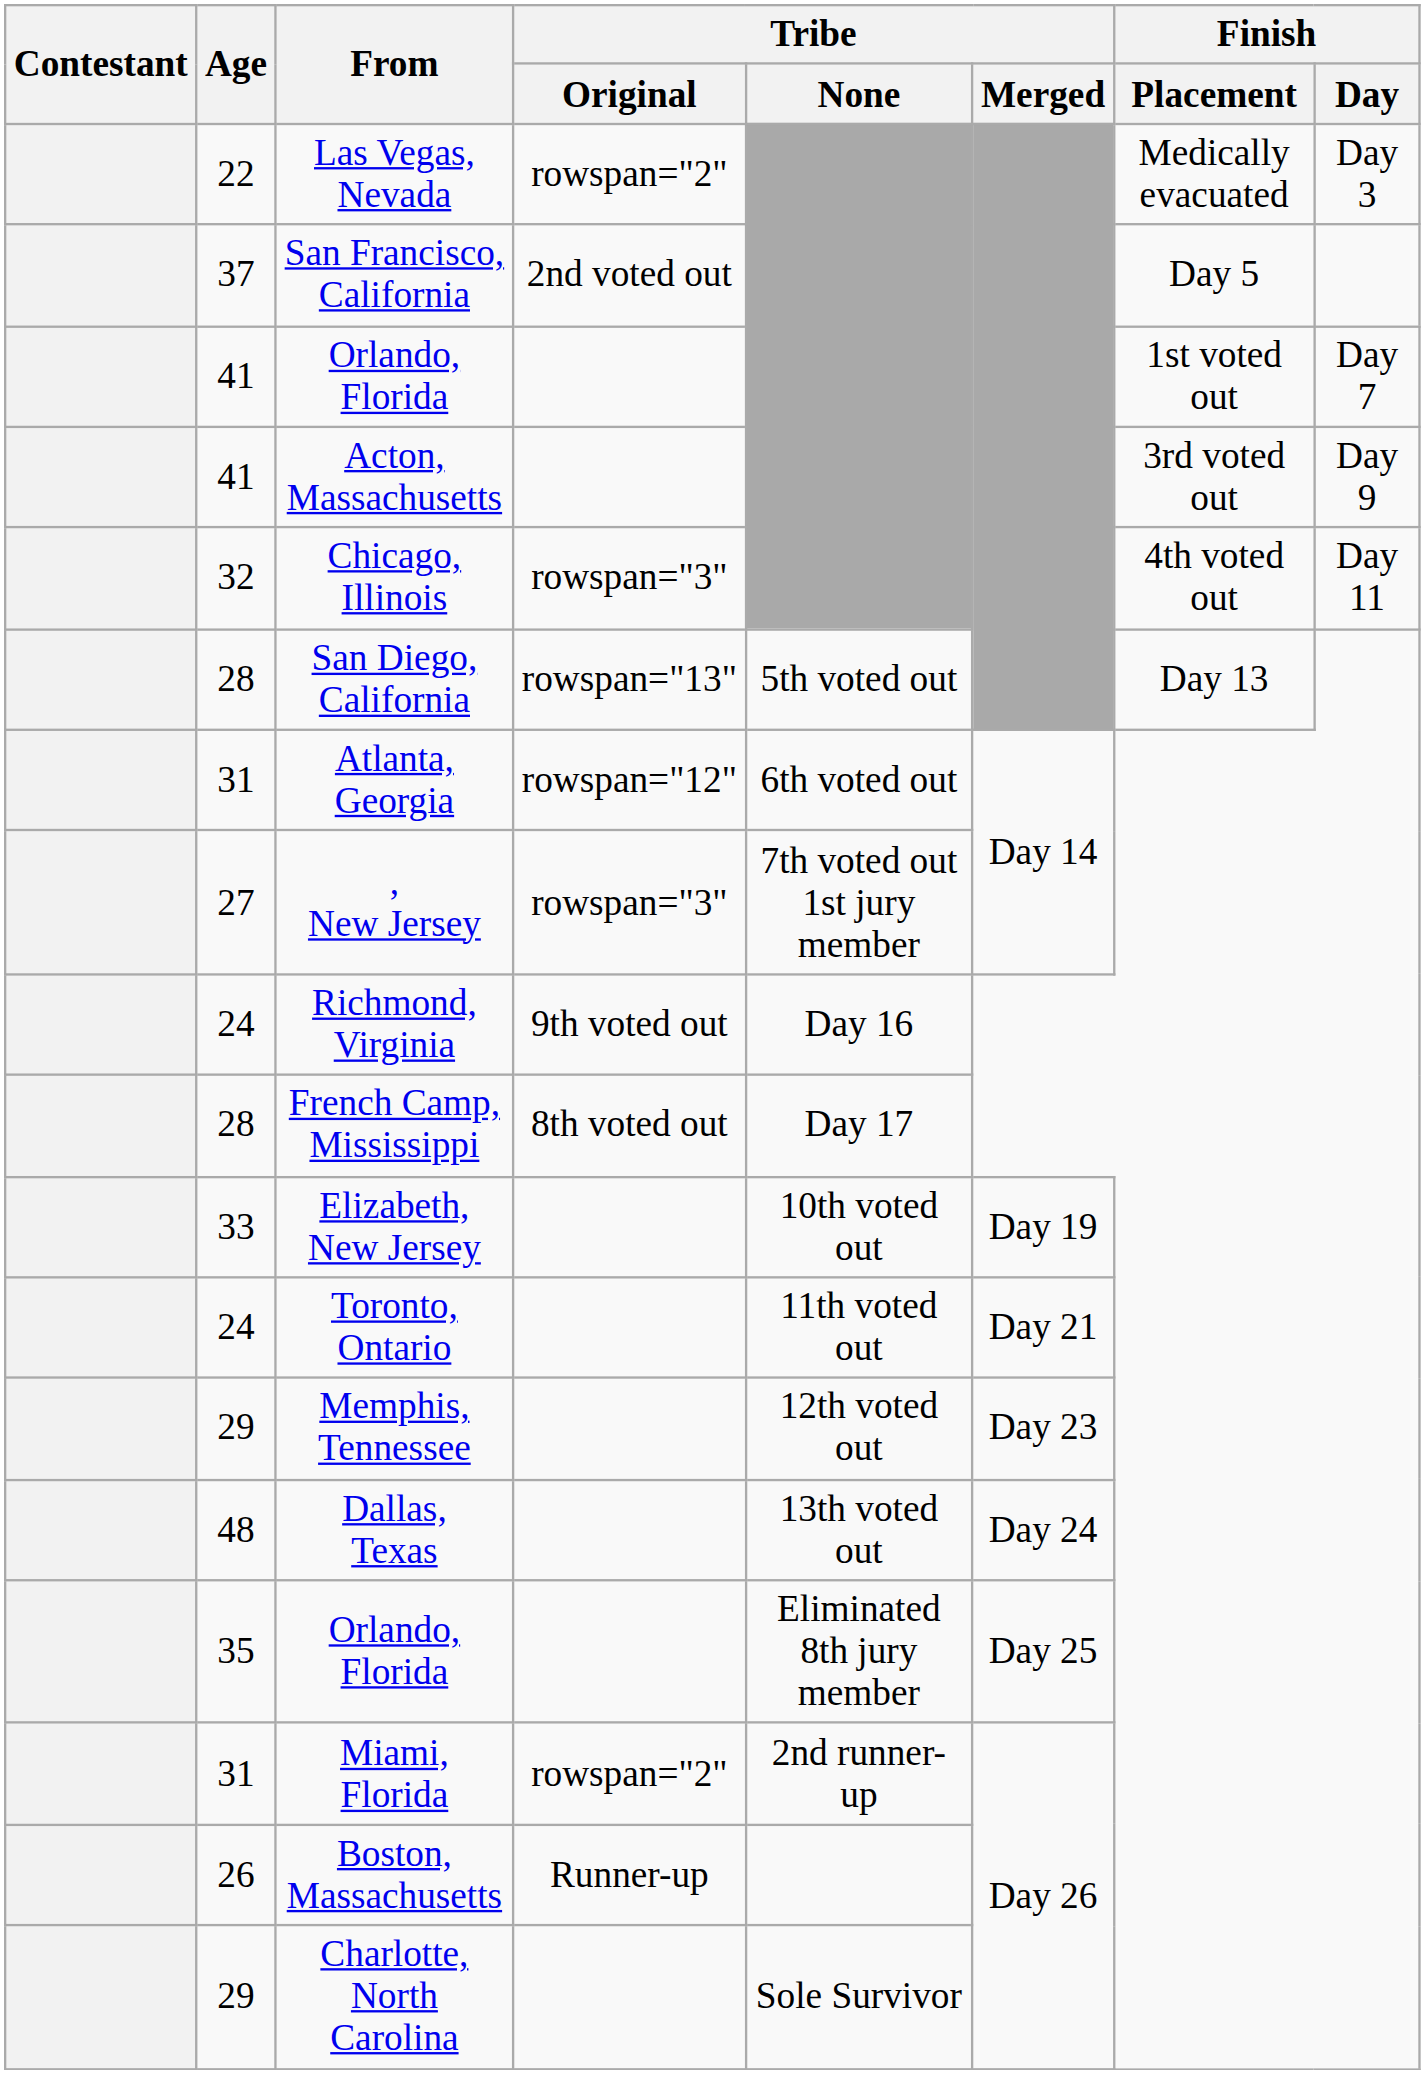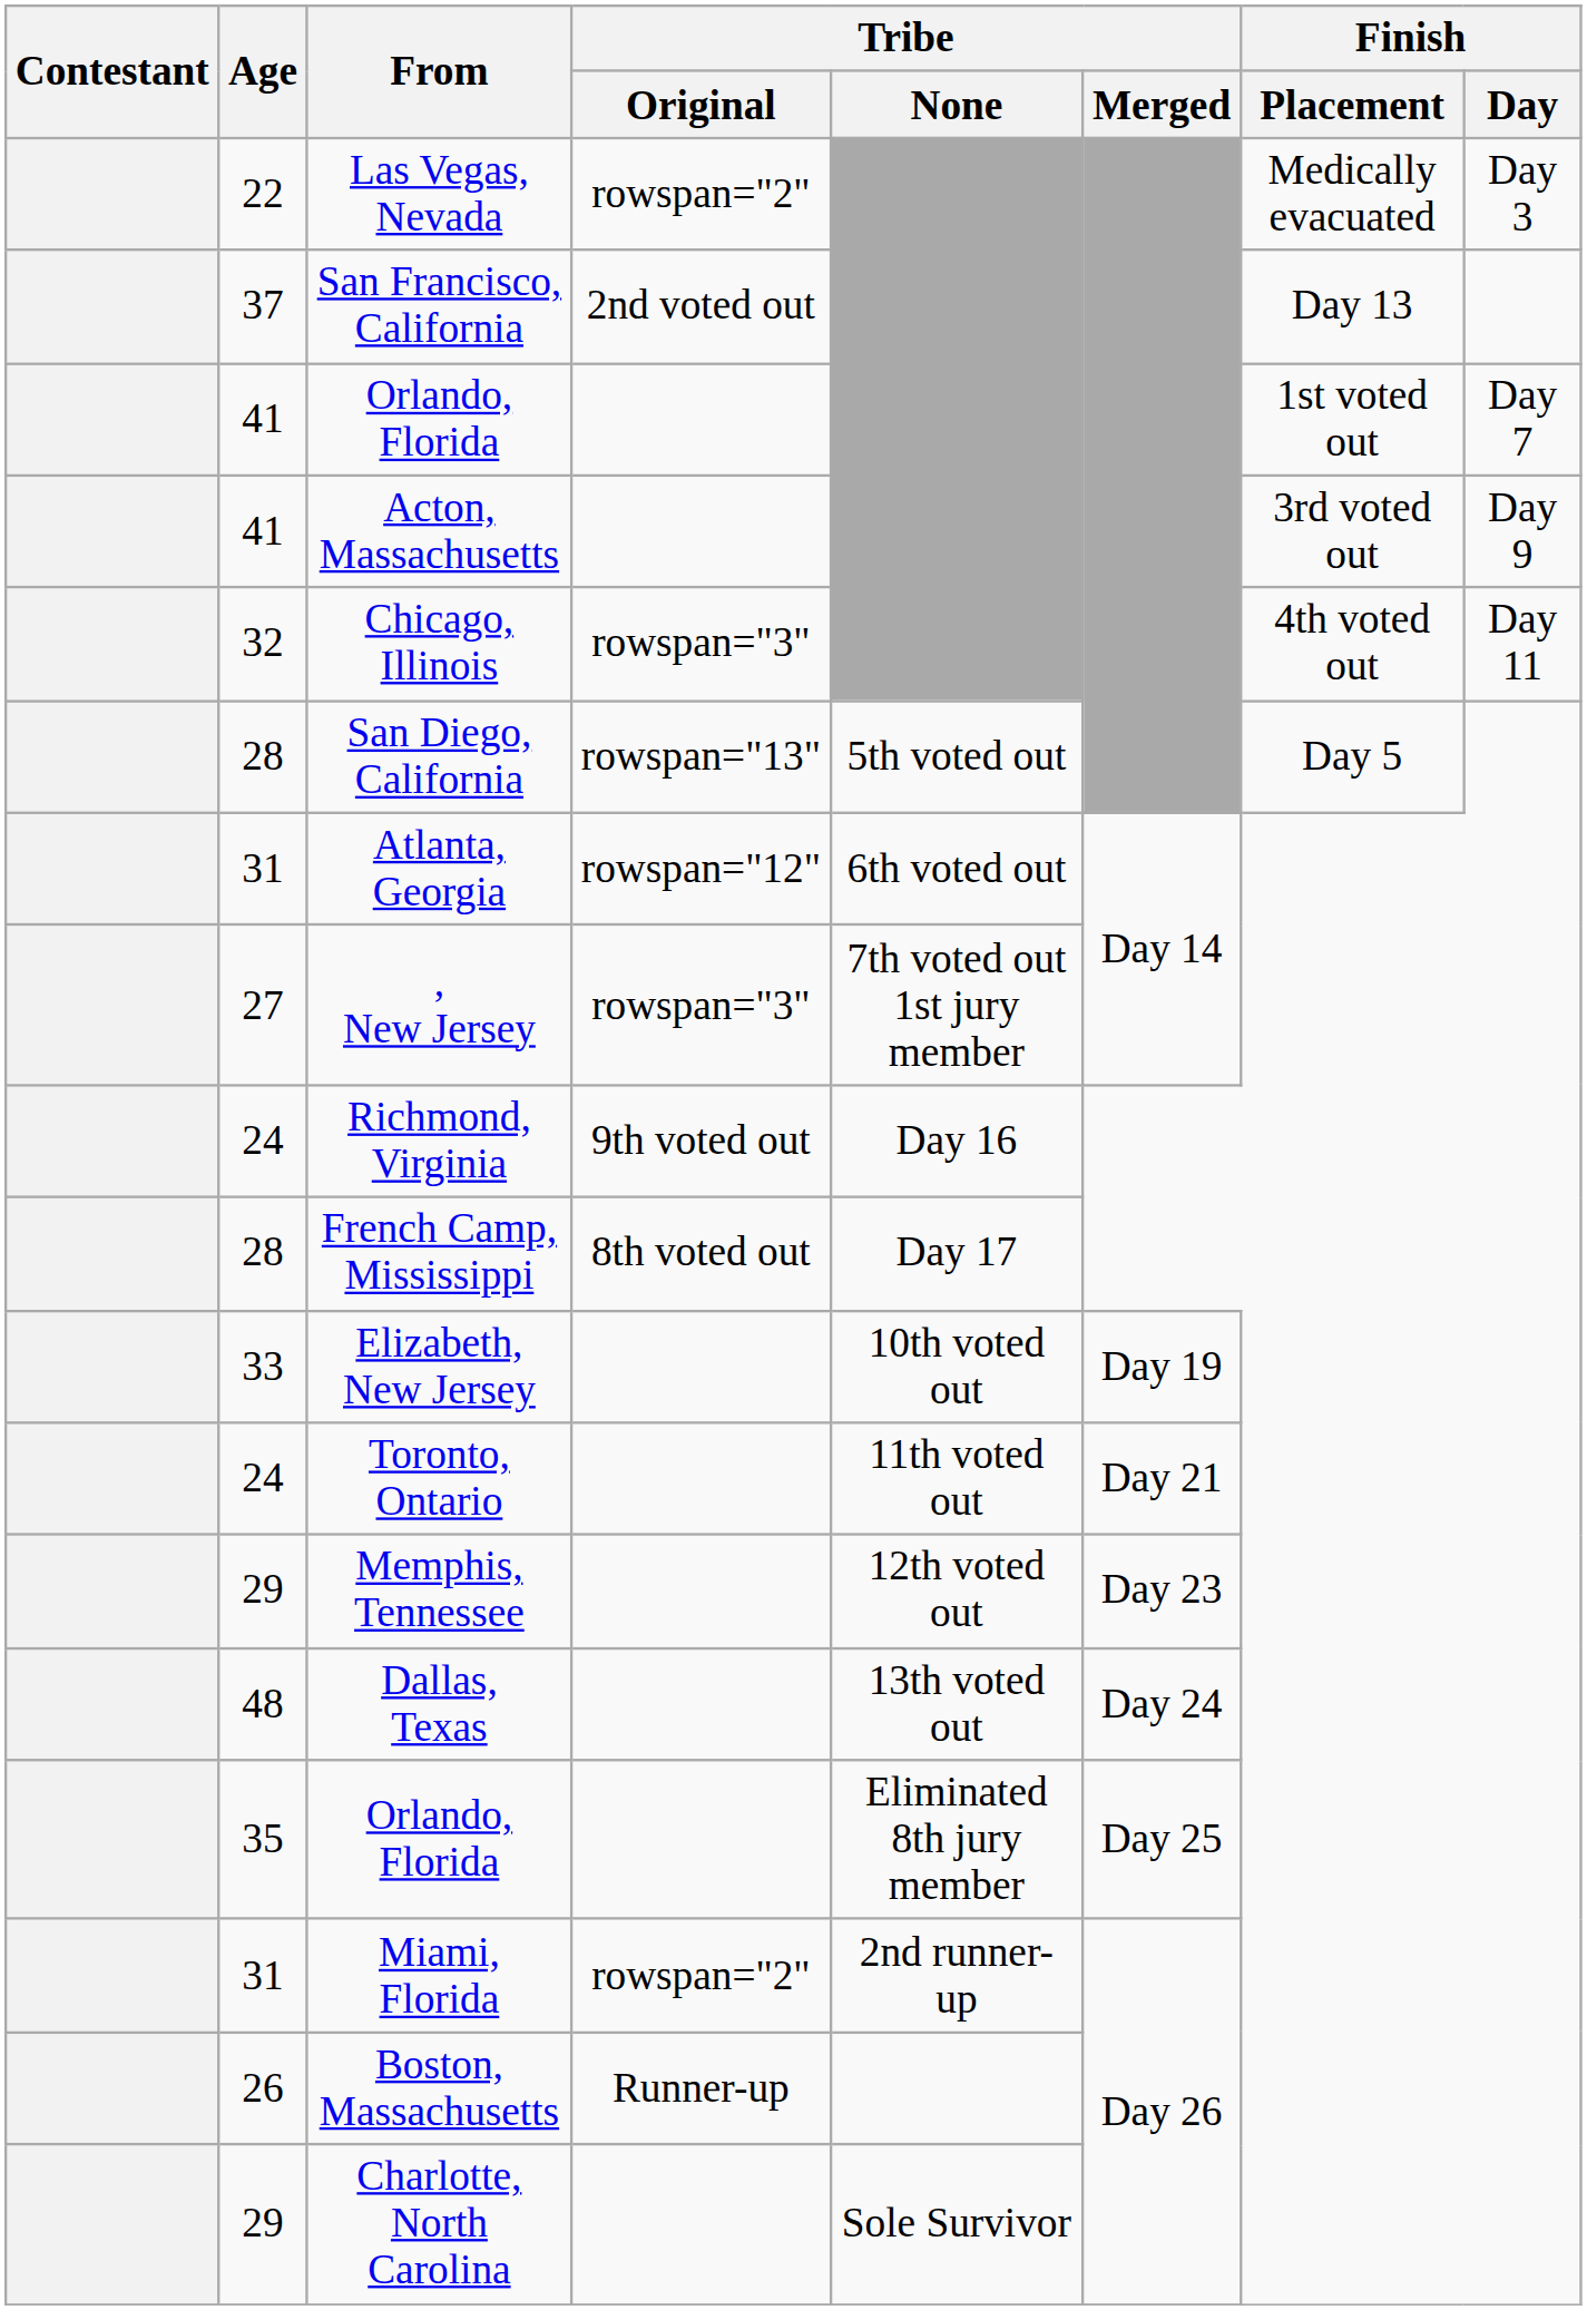 <table class="wikitable sortable" style="text-align:center;">
 <tr>
 <th rowspan="2" scope="col">Contestant</th>
 <th rowspan="2" scope="col">Age</th>
 <th rowspan="2" scope="col" class="unsortable">From</th>
 <th colspan="3" scope="colgroup">Tribe</th>
 <th colspan="2" scope="colgroup">Finish</th>
 </tr>
 <tr>
 <th scope="col">Original</th>
 <th scope="col" class="unsortable">None</th>
 <th scope="col" class="unsortable">Merged</th>
 <th scope="col" class="unsortable">Placement</th>
 <th scope="col" class="unsortable">Day</th>
 </tr>
 <tr>
 <th scope="row" style="text-align:left"></th>
 <td>22</td>
 <td><a href='#'>Las Vegas,<br>Nevada</a></td>
 <td>rowspan="2" </td>
 <td rowspan="5" bgcolor="darkgray"></td>
 <td rowspan="6" bgcolor="darkgray"></td>
 <td>Medically<br>evacuated</td>
 <td>Day 3</td>
 </tr>
 <tr>
 <th scope="row" style="text-align:left"></th>
 <td>37</td>
 <td><a href='#'>San Francisco,<br>California</a></td>
 <td>2nd voted out</td>
-<td>Day 5</td>
+<td>Day 13</td>
 </tr>
 <tr>
 <th scope="row" style="text-align:left"></th>
 <td>41</td>
 <td><a href='#'>Orlando,<br>Florida</a></td>
 <td></td>
 <td>1st voted out</td>
 <td>Day 7</td>
 </tr>
 <tr>
 <th scope="row" style="text-align:left"></th>
 <td>41</td>
 <td><a href='#'>Acton,<br>Massachusetts</a></td>
 <td></td>
 <td>3rd voted out</td>
 <td>Day 9</td>
 </tr>
 <tr>
 <th scope="row" style="text-align:left"></th>
 <td>32</td>
 <td><a href='#'>Chicago,<br>Illinois</a></td>
 <td>rowspan="3" </td>
 <td>4th voted out</td>
 <td>Day 11</td>
 </tr>
 <tr>
 <th scope="row" style="text-align:left"></th>
 <td>28</td>
 <td><a href='#'>San Diego,<br>California</a></td>
 <td>rowspan="13" </td>
 <td>5th voted out</td>
-<td>Day 13</td>
+<td>Day 5</td>
 </tr>
 <tr>
 <th scope="row" style="text-align:left"></th>
 <td>31</td>
 <td><a href='#'>Atlanta,<br>Georgia</a></td>
 <td>rowspan="12" </td>
 <td>6th voted out</td>
 <td rowspan="2">Day 14</td>
 </tr>
 <tr>
 <th scope="row" style="text-align:left"></th>
 <td>27</td>
 <td><a href='#'>,<br>New Jersey</a></td>
 <td>rowspan="3" </td>
 <td>7th voted out<br>1st jury member</td>
 </tr>
 <tr>
 <th scope="row" style="text-align:left"></th>
 <td>24</td>
 <td><a href='#'>Richmond,<br>Virginia</a></td>
 <td>9th voted out<br></td>
 <td>Day 16</td>
 </tr>
 <tr>
 <th scope="row" style="text-align:left"></th>
 <td>28</td>
 <td><a href='#'>French Camp,<br>Mississippi</a></td>
 <td>8th voted out<br></td>
 <td>Day 17</td>
 </tr>
 <tr>
 <th scope="row" style="text-align:left"></th>
 <td>33</td>
 <td><a href='#'>Elizabeth,<br>New Jersey</a></td>
 <td></td>
 <td>10th voted out<br></td>
 <td>Day 19</td>
 </tr>
 <tr>
 <th scope="row" style="text-align:left"></th>
 <td>24</td>
 <td><a href='#'>Toronto,<br>Ontario</a></td>
 <td></td>
 <td>11th voted out<br></td>
 <td>Day 21</td>
 </tr>
 <tr>
 <th scope="row" style="text-align:left"></th>
 <td>29</td>
 <td><a href='#'>Memphis,<br>Tennessee</a></td>
 <td></td>
 <td>12th voted out<br></td>
 <td>Day 23</td>
 </tr>
 <tr>
 <th scope="row" style="text-align:left"></th>
 <td>48</td>
 <td><a href='#'>Dallas,<br>Texas</a></td>
 <td></td>
 <td>13th voted out<br></td>
 <td>Day 24</td>
 </tr>
 <tr>
 <th scope="row" style="text-align:left"></th>
 <td>35</td>
 <td><a href='#'>Orlando,<br>Florida</a></td>
 <td></td>
 <td>Eliminated<br>8th jury member</td>
 <td>Day 25</td>
 </tr>
 <tr>
 <th scope="row" style="text-align:left"></th>
 <td>31</td>
 <td><a href='#'>Miami,<br>Florida</a></td>
 <td>rowspan="2" </td>
 <td>2nd runner-up</td>
 <td rowspan="3">Day 26</td>
 </tr>
 <tr>
 <th scope="row" style="text-align:left"></th>
 <td>26</td>
 <td><a href='#'>Boston,<br>Massachusetts</a></td>
 <td>Runner-up</td>
 </tr>
 <tr>
 <th scope="row" style="text-align:left"></th>
 <td>29</td>
 <td><a href='#'>Charlotte,<br>North Carolina</a></td>
 <td></td>
 <td>Sole Survivor</td>
 </tr>
 <tr>
 </tr>
 </table>
